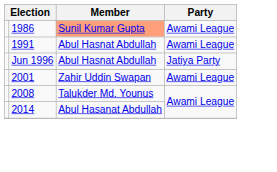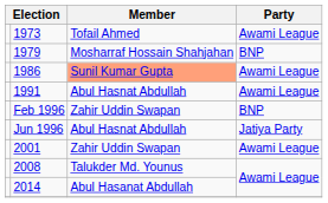 <table class="wikitable">
 <tr>
 <th colspan="2">Election</th>
 <th>Member</th>
 <th>Party</th>
+</tr>
+<tr>
+<td style="background-color:"></td>
+<td><a href='#'>1973</a></td>
+<td><a href='#'>Tofail Ahmed</a></td>
+<td><a href='#'>Awami League</a></td>
+</tr>
+<tr>
+<td style="background-color:"></td>
+<td><a href='#'>1979</a></td>
+<td><a href='#'>Mosharraf Hossain Shahjahan</a></td>
+<td><a href='#'>BNP</a></td>
 </tr>
 <tr>
 <td style="background-color:"></td>
 <td><a href='#'>1986</a></td>
 <td style="background: lightsalmon;"><a href='#'>Sunil Kumar Gupta</a></td>
 <td><a href='#'>Awami League</a></td>
 </tr>
 <tr>
 <td style="background-color:"></td>
 <td><a href='#'>1991</a></td>
 <td><a href='#'>Abul Hasnat Abdullah</a></td>
 <td><a href='#'>Awami League</a></td>
+</tr>
+<tr>
+<td style="background-color:"></td>
+<td><a href='#'>Feb 1996</a></td>
+<td><a href='#'>Zahir Uddin Swapan</a></td>
+<td><a href='#'>BNP</a></td>
 </tr>
 <tr>
 <td style="background-color:"></td>
 <td><a href='#'>Jun 1996</a></td>
 <td><a href='#'>Abul Hasnat Abdullah</a></td>
 <td><a href='#'>Jatiya Party</a></td>
 </tr>
 <tr>
 <td style="background-color:"></td>
 <td><a href='#'>2001</a></td>
 <td><a href='#'>Zahir Uddin Swapan</a></td>
 <td><a href='#'>Awami League</a></td>
 </tr>
 <tr>
 <td style="background-color:"></td>
 <td><a href='#'>2008</a></td>
 <td><a href='#'>Talukder Md. Younus</a></td>
 <td rowspan="2"><a href='#'>Awami League</a></td>
 </tr>
 <tr>
 <td style="background-color:"></td>
 <td><a href='#'>2014</a></td>
 <td><a href='#'>Abul Hasanat Abdullah</a></td>
 </tr>
 <tr>
 </tr>
 </table>
